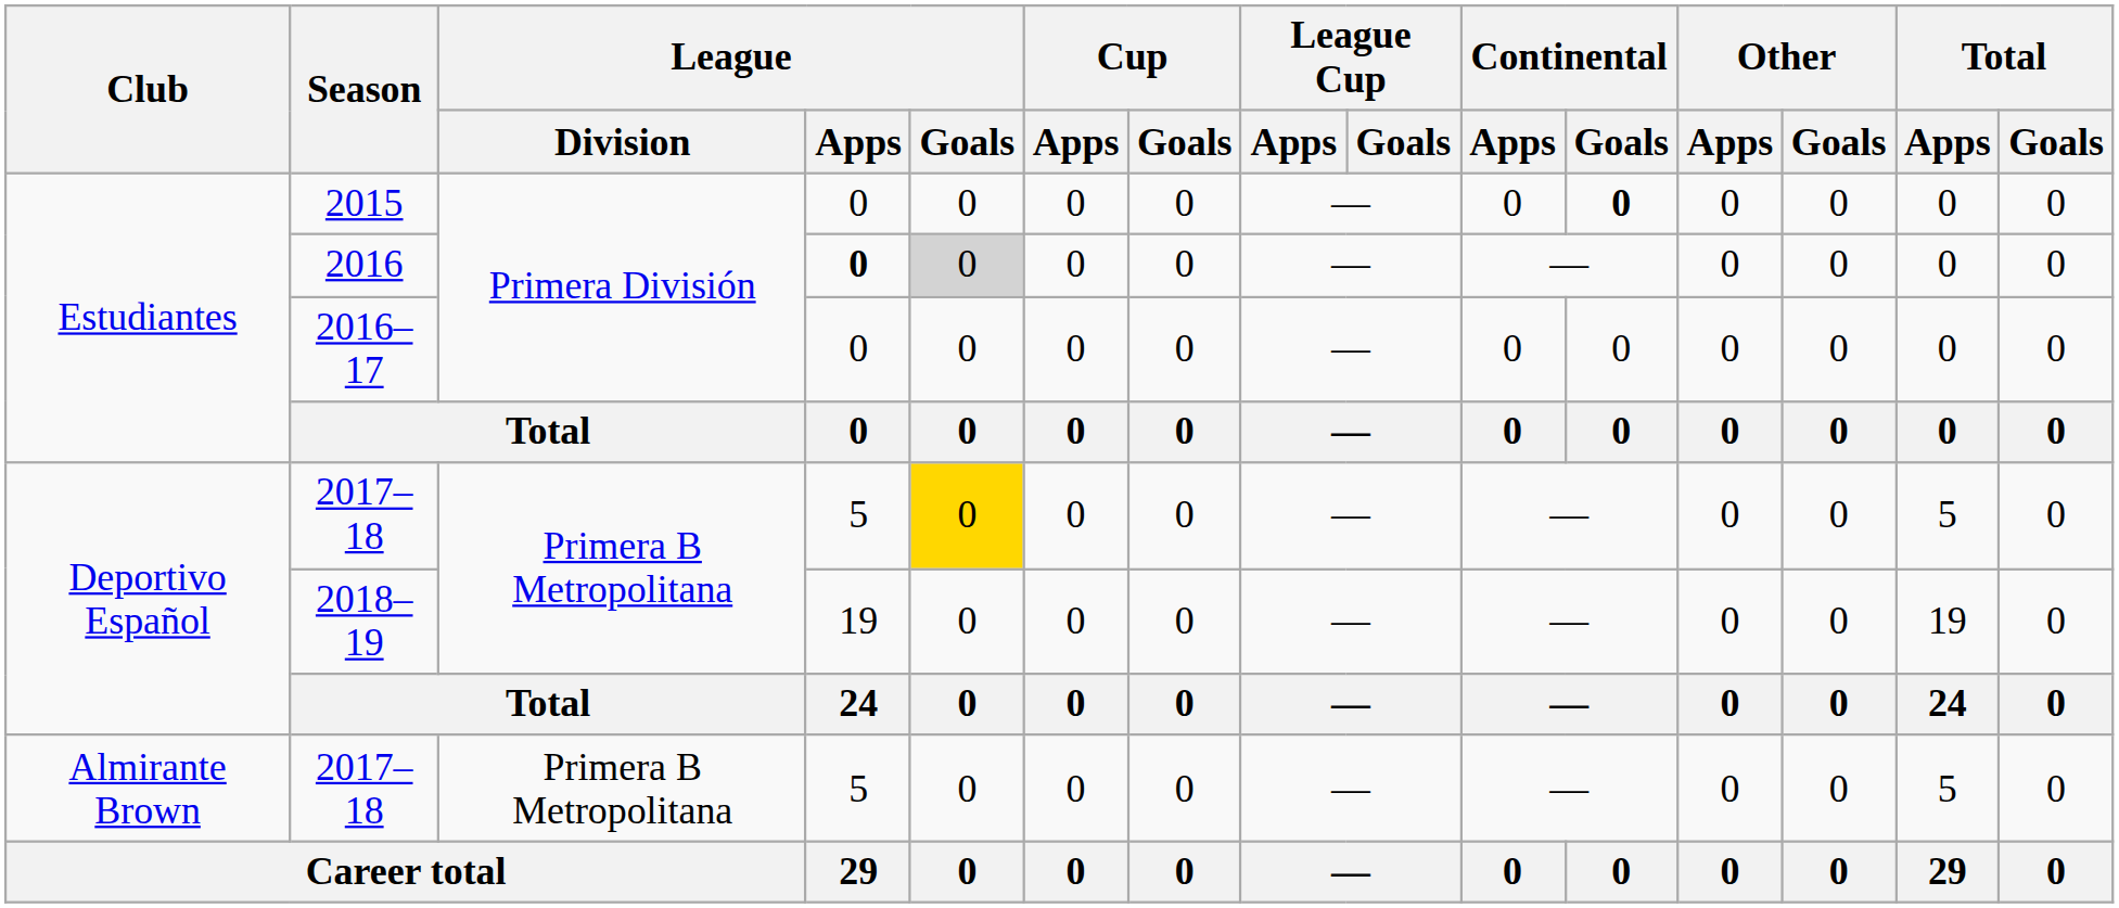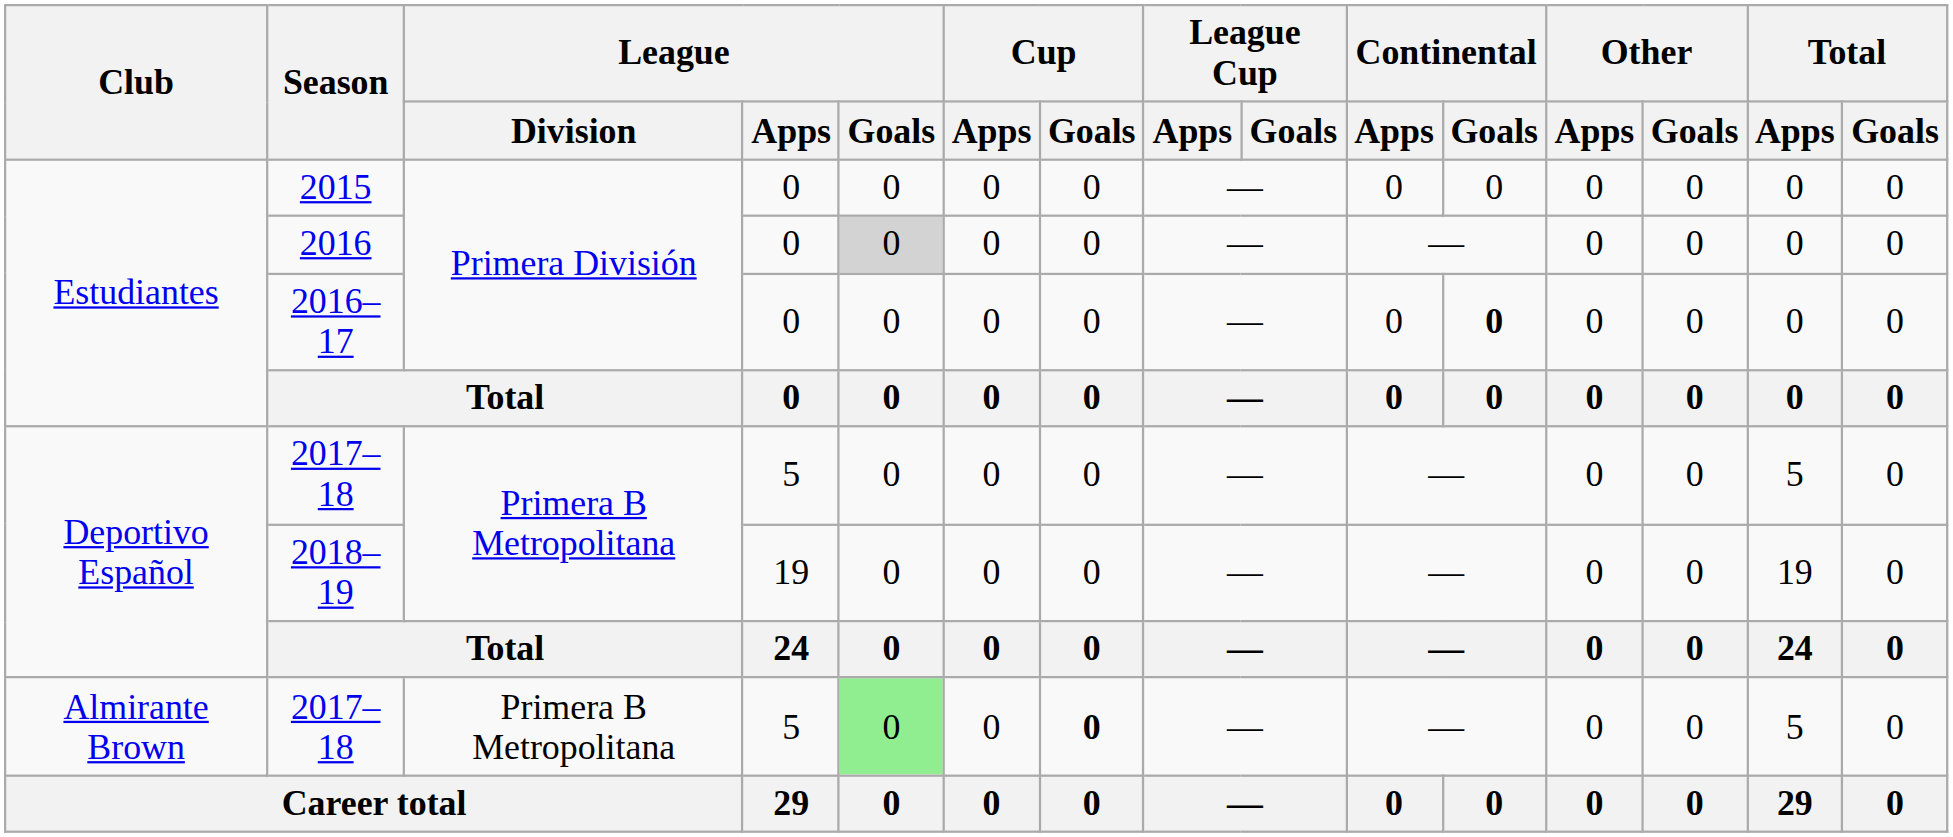 <table class="wikitable" style="text-align:center">
 <tr>
 <th rowspan="2">Club</th>
 <th rowspan="2">Season</th>
 <th colspan="3">League</th>
 <th colspan="2">Cup</th>
 <th colspan="2">League Cup</th>
 <th colspan="2">Continental</th>
 <th colspan="2">Other</th>
 <th colspan="2">Total</th>
 </tr>
 <tr>
 <th>Division</th>
 <th>Apps</th>
 <th>Goals</th>
 <th>Apps</th>
 <th>Goals</th>
 <th>Apps</th>
 <th>Goals</th>
 <th>Apps</th>
 <th>Goals</th>
 <th>Apps</th>
 <th>Goals</th>
 <th>Apps</th>
 <th>Goals</th>
 </tr>
 <tr>
 <td rowspan="4"><a href='#'>Estudiantes</a></td>
 <td><a href='#'>2015</a></td>
 <td rowspan="3"><a href='#'>Primera División</a></td>
 <td>0</td>
 <td>0</td>
 <td>0</td>
 <td>0</td>
 <td colspan="2">—</td>
 <td>0</td>
-<td><strong>0</strong></td>
+<td>0</td>
 <td>0</td>
 <td>0</td>
 <td>0</td>
 <td>0</td>
 </tr>
 <tr>
 <td><a href='#'>2016</a></td>
-<td><strong>0</strong></td>
+<td>0</td>
 <td style="background: lightgrey;">0</td>
 <td>0</td>
 <td>0</td>
 <td colspan="2">—</td>
 <td colspan="2">—</td>
 <td>0</td>
 <td>0</td>
 <td>0</td>
 <td>0</td>
 </tr>
 <tr>
 <td><a href='#'>2016–17</a></td>
 <td>0</td>
 <td>0</td>
 <td>0</td>
 <td>0</td>
 <td colspan="2">—</td>
 <td>0</td>
-<td>0</td>
+<td><strong>0</strong></td>
 <td>0</td>
 <td>0</td>
 <td>0</td>
 <td>0</td>
 </tr>
 <tr>
 <th colspan="2">Total</th>
 <th>0</th>
 <th>0</th>
 <th>0</th>
 <th>0</th>
 <th colspan="2">—</th>
 <th>0</th>
 <th>0</th>
 <th>0</th>
 <th>0</th>
 <th>0</th>
 <th>0</th>
 </tr>
 <tr>
 <td rowspan="3"><a href='#'>Deportivo Español</a></td>
 <td><a href='#'>2017–18</a></td>
 <td rowspan="2"><a href='#'>Primera B Metropolitana</a></td>
 <td>5</td>
-<td style="background: gold;">0</td>
+<td>0</td>
 <td>0</td>
 <td>0</td>
 <td colspan="2">—</td>
 <td colspan="2">—</td>
 <td>0</td>
 <td>0</td>
 <td>5</td>
 <td>0</td>
 </tr>
 <tr>
 <td><a href='#'>2018–19</a></td>
 <td>19</td>
 <td>0</td>
 <td>0</td>
 <td>0</td>
 <td colspan="2">—</td>
 <td colspan="2">—</td>
 <td>0</td>
 <td>0</td>
 <td>19</td>
 <td>0</td>
 </tr>
 <tr>
 <th colspan="2">Total</th>
 <th>24</th>
 <th>0</th>
 <th>0</th>
 <th>0</th>
 <th colspan="2">—</th>
 <th colspan="2">—</th>
 <th>0</th>
 <th>0</th>
 <th>24</th>
 <th>0</th>
 </tr>
 <tr>
 <td rowspan="1"><a href='#'>Almirante Brown</a></td>
 <td><a href='#'>2017–18</a></td>
 <td rowspan="1">Primera B Metropolitana</td>
 <td>5</td>
+<td style="background: lightgreen;">0</td>
 <td>0</td>
-<td>0</td>
-<td>0</td>
+<td><strong>0</strong></td>
 <td colspan="2">—</td>
 <td colspan="2">—</td>
 <td>0</td>
 <td>0</td>
 <td>5</td>
 <td>0</td>
 </tr>
 <tr>
 <th colspan="3">Career total</th>
 <th>29</th>
 <th>0</th>
 <th>0</th>
 <th>0</th>
 <th colspan="2">—</th>
 <th>0</th>
 <th>0</th>
 <th>0</th>
 <th>0</th>
 <th>29</th>
 <th>0</th>
 </tr>
 </table>
